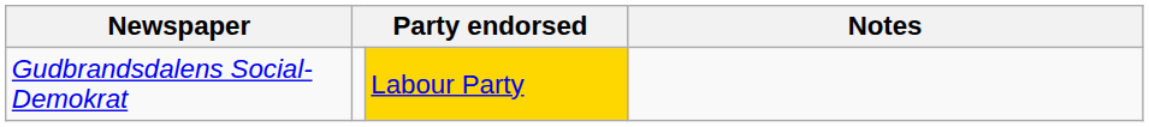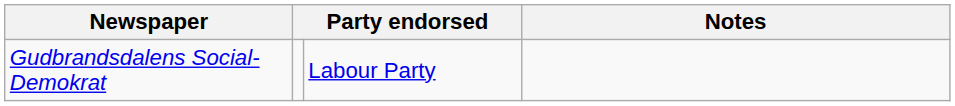 <table class="wikitable">
 <tr>
 <th width=200px>Newspaper</th>
 <th colspan=2>Party endorsed</th>
 <th width=300px>Notes</th>
 </tr>
 <tr>
 <td><em><a href='#'>Gudbrandsdalens Social-Demokrat</a></em></td>
 <td style="background-color: "></td>
-<td width=150px style="background: gold;"><a href='#'>Labour Party</a></td>
+<td width=150px><a href='#'>Labour Party</a></td>
 <td></td>
 </tr>
 </table>
